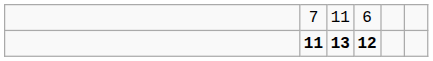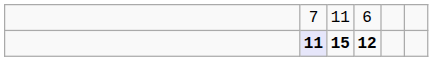 <table class="wikitable">
 <tr>
 <td style="width:18em"></td>
 <td align=center style="width:1em">7</td>
 <td align=center style="width:1em">11</td>
 <td align=center style="width:1em">6</td>
 <td align=center style="width:1em"></td>
 <td align=center style="width:1em"></td>
 </tr>
 <tr>
 <td style="width:18em"></td>
-<td align=center style="width:1em"><strong>11</strong></td>
-<td align=center style="width:1em"><strong>13</strong></td>
+<td align=center style="background: lavender; width:1em"><strong>11</strong></td>
+<td align=center style="width:1em"><strong>15</strong></td>
 <td align=center style="width:1em"><strong>12</strong></td>
 <td align=center style="width:1em"></td>
 <td align=center style="width:1em"></td>
 </tr>
 </table>
